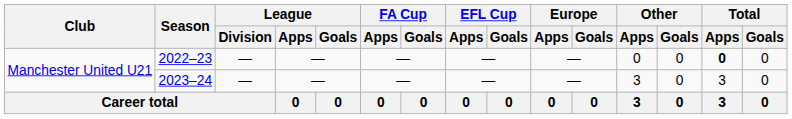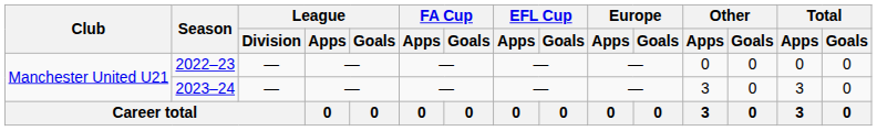 <table class=wikitable style=text-align:center>
 <tr>
 <th rowspan=2>Club</th>
 <th rowspan=2>Season</th>
 <th colspan=3>League</th>
 <th colspan=2><a href='#'>FA Cup</a></th>
 <th colspan=2><a href='#'>EFL Cup</a></th>
 <th colspan=2>Europe</th>
 <th colspan=2>Other</th>
 <th colspan=2>Total</th>
 </tr>
 <tr>
 <th>Division</th>
 <th>Apps</th>
 <th>Goals</th>
 <th>Apps</th>
 <th>Goals</th>
 <th>Apps</th>
 <th>Goals</th>
 <th>Apps</th>
 <th>Goals</th>
 <th>Apps</th>
 <th>Goals</th>
 <th>Apps</th>
 <th>Goals</th>
 </tr>
 <tr>
 <td rowspan="2"><a href='#'>Manchester United U21</a></td>
 <td><a href='#'>2022–23</a></td>
 <td>—</td>
 <td colspan=2>—</td>
 <td colspan=2>—</td>
 <td colspan=2>—</td>
 <td colspan=2>—</td>
 <td>0</td>
 <td>0</td>
-<td><strong>0</strong></td>
+<td>0</td>
 <td>0</td>
 </tr>
 <tr>
 <td><a href='#'>2023–24</a></td>
 <td>—</td>
 <td colspan=2>—</td>
 <td colspan=2>—</td>
 <td colspan=2>—</td>
 <td colspan=2>—</td>
 <td>3</td>
 <td>0</td>
 <td>3</td>
 <td>0</td>
 </tr>
 <tr>
 <th colspan=3>Career total</th>
 <th>0</th>
 <th>0</th>
 <th>0</th>
 <th>0</th>
 <th>0</th>
 <th>0</th>
 <th>0</th>
 <th>0</th>
 <th>3</th>
 <th>0</th>
 <th>3</th>
 <th>0</th>
 </tr>
 </table>
